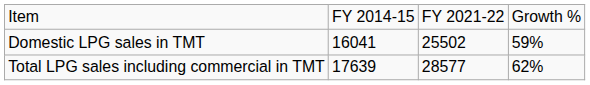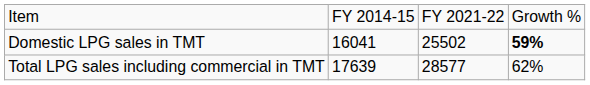 <table class="wikitable">
 <tr>
 <td>Item</td>
 <td>FY 2014-15</td>
 <td>FY 2021-22</td>
 <td>Growth %</td>
 </tr>
 <tr>
 <td>Domestic LPG sales in TMT</td>
 <td>16041</td>
 <td>25502</td>
-<td>59%</td>
+<td><strong>59%</strong></td>
 </tr>
 <tr>
 <td>Total LPG sales including commercial in TMT</td>
 <td>17639</td>
 <td>28577</td>
 <td>62%</td>
 </tr>
 </table>
